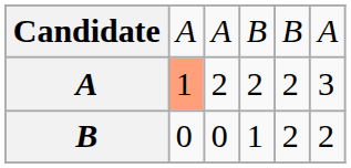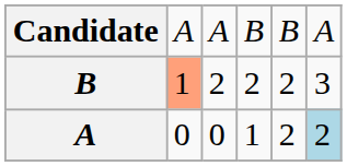 <table class="wikitable" border="1">
 <tr>
 <th>Candidate</th>
 <td><em>A</em></td>
 <td><em>A</em></td>
 <td><em>B</em></td>
 <td><em>B</em></td>
 <td><em>A</em></td>
 </tr>
 <tr>
-<th><em>A</em></th>
+<th><em>B</em></th>
 <td style="background: lightsalmon;">1</td>
 <td>2</td>
 <td>2</td>
 <td>2</td>
 <td>3</td>
 </tr>
 <tr>
-<th><em>B</em></th>
+<th><em>A</em></th>
 <td>0</td>
 <td>0</td>
 <td>1</td>
 <td>2</td>
-<td>2</td>
+<td style="background: lightblue;">2</td>
 </tr>
 </table>
